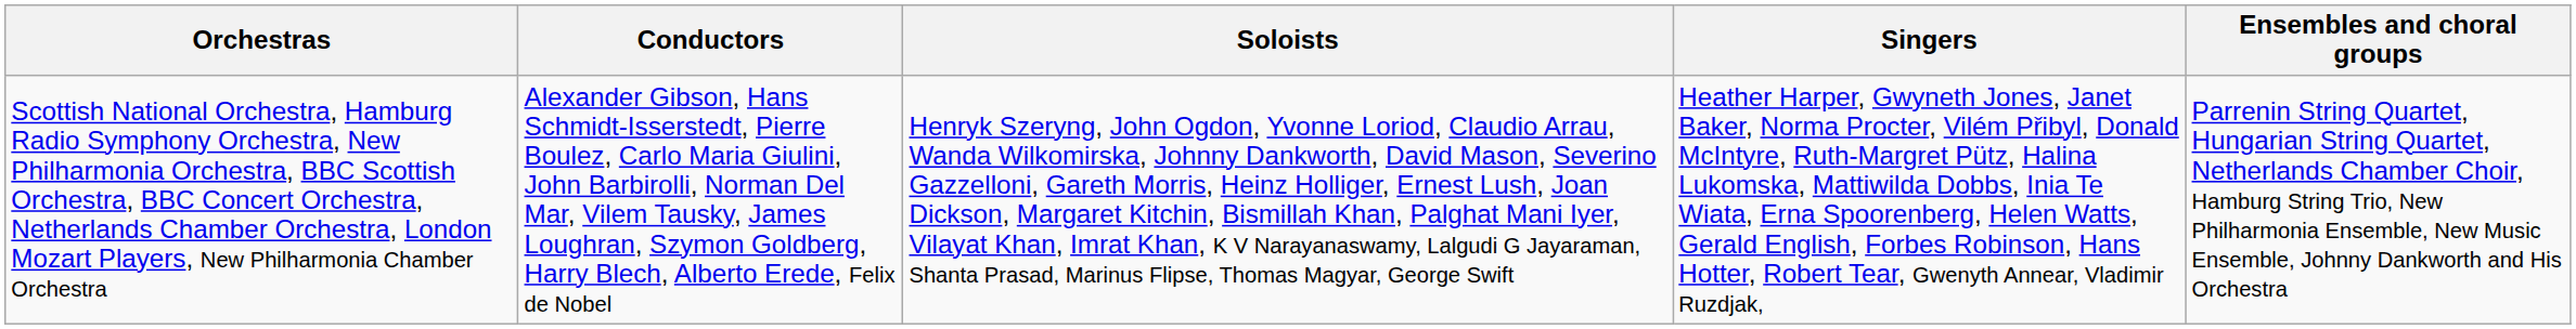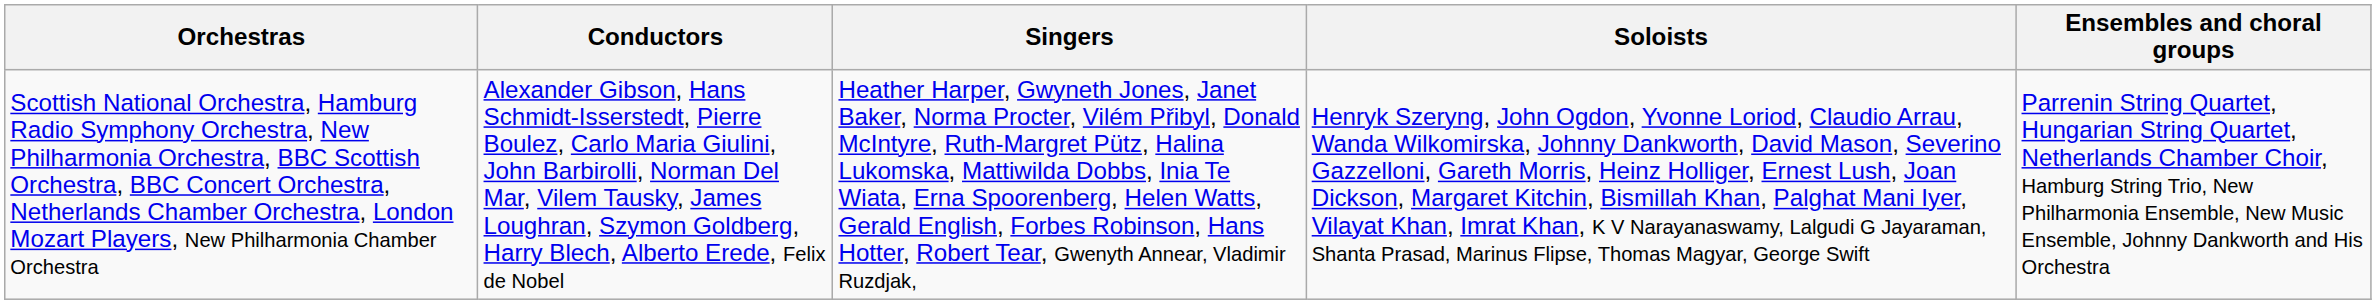 <table class="wikitable toptextcells">
 <tr class="hintergrundfarbe5">
 <th style="width:20%;">Orchestras</th>
 <th style="width:15%;">Conductors</th>
+<th style="width:20%;">Singers</th>
 <th style="width:30%;">Soloists</th>
-<th style="width:20%;">Singers</th>
 <th style="width:15%;">Ensembles and choral groups</th>
 </tr>
 <tr>
 <td><a href='#'>Scottish National Orchestra</a>, <a href='#'>Hamburg Radio Symphony Orchestra</a>, <a href='#'>New Philharmonia Orchestra</a>, <a href='#'>BBC Scottish Orchestra</a>, <a href='#'>BBC Concert Orchestra</a>, <a href='#'>Netherlands Chamber Orchestra</a>, <a href='#'>London Mozart Players</a>, <small>New Philharmonia Chamber Orchestra</small></td>
 <td><a href='#'>Alexander Gibson</a>, <a href='#'>Hans Schmidt-Isserstedt</a>, <a href='#'>Pierre Boulez</a>, <a href='#'>Carlo Maria Giulini</a>, <a href='#'>John Barbirolli</a>, <a href='#'>Norman Del Mar</a>, <a href='#'>Vilem Tausky</a>, <a href='#'>James Loughran</a>, <a href='#'>Szymon Goldberg</a>, <a href='#'>Harry Blech</a>, <a href='#'>Alberto Erede</a>, <small>Felix de Nobel</small></td>
+<td><a href='#'>Heather Harper</a>,  <a href='#'>Gwyneth Jones</a>, <a href='#'>Janet Baker</a>, <a href='#'>Norma Procter</a>, <a href='#'>Vilém Přibyl</a>, <a href='#'>Donald McIntyre</a>, <a href='#'>Ruth-Margret Pütz</a>, <a href='#'>Halina Lukomska</a>, <a href='#'>Mattiwilda Dobbs</a>, <a href='#'>Inia Te Wiata</a>, <a href='#'>Erna Spoorenberg</a>, <a href='#'>Helen Watts</a>, <a href='#'>Gerald English</a>, <a href='#'>Forbes Robinson</a>, <a href='#'>Hans Hotter</a>, <a href='#'>Robert Tear</a>, <small>Gwenyth Annear, Vladimir Ruzdjak,</small></td>
 <td><a href='#'>Henryk Szeryng</a>, <a href='#'>John Ogdon</a>, <a href='#'>Yvonne Loriod</a>, <a href='#'>Claudio Arrau</a>, <a href='#'>Wanda Wilkomirska</a>, <a href='#'>Johnny Dankworth</a>, <a href='#'>David Mason</a>, <a href='#'>Severino Gazzelloni</a>, <a href='#'>Gareth Morris</a>, <a href='#'>Heinz Holliger</a>, <a href='#'>Ernest Lush</a>, <a href='#'>Joan Dickson</a>, <a href='#'>Margaret Kitchin</a>, <a href='#'>Bismillah Khan</a>, <a href='#'>Palghat Mani Iyer</a>, <a href='#'>Vilayat Khan</a>, <a href='#'>Imrat Khan</a>, <small>K V Narayanaswamy, Lalgudi G Jayaraman, Shanta Prasad, Marinus Flipse, Thomas Magyar, George Swift</small></td>
-<td><a href='#'>Heather Harper</a>,  <a href='#'>Gwyneth Jones</a>, <a href='#'>Janet Baker</a>, <a href='#'>Norma Procter</a>, <a href='#'>Vilém Přibyl</a>, <a href='#'>Donald McIntyre</a>, <a href='#'>Ruth-Margret Pütz</a>, <a href='#'>Halina Lukomska</a>, <a href='#'>Mattiwilda Dobbs</a>, <a href='#'>Inia Te Wiata</a>, <a href='#'>Erna Spoorenberg</a>, <a href='#'>Helen Watts</a>, <a href='#'>Gerald English</a>, <a href='#'>Forbes Robinson</a>, <a href='#'>Hans Hotter</a>, <a href='#'>Robert Tear</a>, <small>Gwenyth Annear, Vladimir Ruzdjak,</small></td>
 <td><a href='#'>Parrenin String Quartet</a>, <a href='#'>Hungarian String Quartet</a>, <a href='#'>Netherlands Chamber Choir</a>, <small>Hamburg String Trio, New Philharmonia Ensemble, New Music Ensemble, Johnny Dankworth and His Orchestra</small></td>
 </tr>
 </table>
